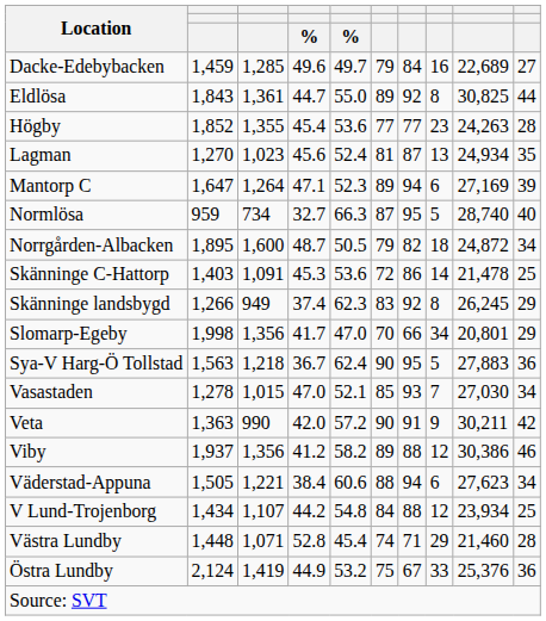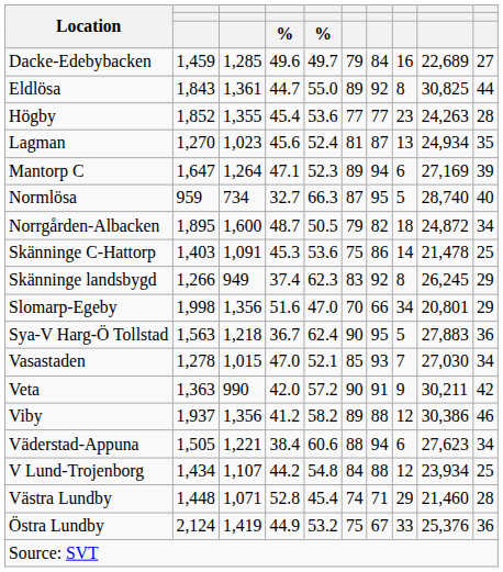 <table role="presentation" class="wikitable sortable mw-collapsible">
 <tr>
 <th rowspan="3">Location</th>
 <th></th>
 <th></th>
 <th></th>
 <th></th>
 <th></th>
 <th></th>
 <th></th>
 <th></th>
 <th></th>
 </tr>
 <tr>
 <th></th>
 <th></th>
 <th style="background:"></th>
 <th style="background:"></th>
 <th></th>
 <th></th>
 <th></th>
 <th></th>
 <th></th>
 </tr>
 <tr>
 <th data-sort-type="number"></th>
 <th data-sort-type="number"></th>
 <th data-sort-type="number">%</th>
 <th data-sort-type="number">%</th>
 <th data-sort-type="number"></th>
 <th data-sort-type="number"></th>
 <th data-sort-type="number"></th>
 <th data-sort-type="number"></th>
 <th data-sort-type="number"></th>
 </tr>
 <tr>
 <td align="left">Dacke-Edebybacken</td>
 <td>1,459</td>
 <td>1,285</td>
 <td>49.6</td>
 <td>49.7</td>
 <td>79</td>
 <td>84</td>
 <td>16</td>
 <td>22,689</td>
 <td>27</td>
 </tr>
 <tr>
 <td align="left">Eldlösa</td>
 <td>1,843</td>
 <td>1,361</td>
 <td>44.7</td>
 <td>55.0</td>
 <td>89</td>
 <td>92</td>
 <td>8</td>
 <td>30,825</td>
 <td>44</td>
 </tr>
 <tr>
 <td align="left">Högby</td>
 <td>1,852</td>
 <td>1,355</td>
 <td>45.4</td>
 <td>53.6</td>
 <td>77</td>
 <td>77</td>
 <td>23</td>
 <td>24,263</td>
 <td>28</td>
 </tr>
 <tr>
 <td align="left">Lagman</td>
 <td>1,270</td>
 <td>1,023</td>
 <td>45.6</td>
 <td>52.4</td>
 <td>81</td>
 <td>87</td>
 <td>13</td>
 <td>24,934</td>
 <td>35</td>
 </tr>
 <tr>
 <td align="left">Mantorp C</td>
 <td>1,647</td>
 <td>1,264</td>
 <td>47.1</td>
 <td>52.3</td>
 <td>89</td>
 <td>94</td>
 <td>6</td>
 <td>27,169</td>
 <td>39</td>
 </tr>
 <tr>
 <td align="left">Normlösa</td>
 <td>959</td>
 <td>734</td>
 <td>32.7</td>
 <td>66.3</td>
 <td>87</td>
 <td>95</td>
 <td>5</td>
 <td>28,740</td>
 <td>40</td>
 </tr>
 <tr>
 <td align="left">Norrgården-Albacken</td>
 <td>1,895</td>
 <td>1,600</td>
 <td>48.7</td>
 <td>50.5</td>
 <td>79</td>
 <td>82</td>
 <td>18</td>
 <td>24,872</td>
 <td>34</td>
 </tr>
 <tr>
 <td align="left">Skänninge C-Hattorp</td>
 <td>1,403</td>
 <td>1,091</td>
 <td>45.3</td>
 <td>53.6</td>
-<td>72</td>
+<td>75</td>
 <td>86</td>
 <td>14</td>
 <td>21,478</td>
 <td>25</td>
 </tr>
 <tr>
 <td align="left">Skänninge landsbygd</td>
 <td>1,266</td>
 <td>949</td>
 <td>37.4</td>
 <td>62.3</td>
 <td>83</td>
 <td>92</td>
 <td>8</td>
 <td>26,245</td>
 <td>29</td>
 </tr>
 <tr>
 <td align="left">Slomarp-Egeby</td>
 <td>1,998</td>
 <td>1,356</td>
-<td>41.7</td>
+<td>51.6</td>
 <td>47.0</td>
 <td>70</td>
 <td>66</td>
 <td>34</td>
 <td>20,801</td>
 <td>29</td>
 </tr>
 <tr>
 <td align="left">Sya-V Harg-Ö Tollstad</td>
 <td>1,563</td>
 <td>1,218</td>
 <td>36.7</td>
 <td>62.4</td>
 <td>90</td>
 <td>95</td>
 <td>5</td>
 <td>27,883</td>
 <td>36</td>
 </tr>
 <tr>
 <td align="left">Vasastaden</td>
 <td>1,278</td>
 <td>1,015</td>
 <td>47.0</td>
 <td>52.1</td>
 <td>85</td>
 <td>93</td>
 <td>7</td>
 <td>27,030</td>
 <td>34</td>
 </tr>
 <tr>
 <td align="left">Veta</td>
 <td>1,363</td>
 <td>990</td>
 <td>42.0</td>
 <td>57.2</td>
 <td>90</td>
 <td>91</td>
 <td>9</td>
 <td>30,211</td>
 <td>42</td>
 </tr>
 <tr>
 <td align="left">Viby</td>
 <td>1,937</td>
 <td>1,356</td>
 <td>41.2</td>
 <td>58.2</td>
 <td>89</td>
 <td>88</td>
 <td>12</td>
 <td>30,386</td>
 <td>46</td>
 </tr>
 <tr>
 <td align="left">Väderstad-Appuna</td>
 <td>1,505</td>
 <td>1,221</td>
 <td>38.4</td>
 <td>60.6</td>
 <td>88</td>
 <td>94</td>
 <td>6</td>
 <td>27,623</td>
 <td>34</td>
 </tr>
 <tr>
 <td align="left">V Lund-Trojenborg</td>
 <td>1,434</td>
 <td>1,107</td>
 <td>44.2</td>
 <td>54.8</td>
 <td>84</td>
 <td>88</td>
 <td>12</td>
 <td>23,934</td>
 <td>25</td>
 </tr>
 <tr>
 <td align="left">Västra Lundby</td>
 <td>1,448</td>
 <td>1,071</td>
 <td>52.8</td>
 <td>45.4</td>
 <td>74</td>
 <td>71</td>
 <td>29</td>
 <td>21,460</td>
 <td>28</td>
 </tr>
 <tr>
 <td align="left">Östra Lundby</td>
 <td>2,124</td>
 <td>1,419</td>
 <td>44.9</td>
 <td>53.2</td>
 <td>75</td>
 <td>67</td>
 <td>33</td>
 <td>25,376</td>
 <td>36</td>
 </tr>
 <tr>
 <td colspan="10" align="left">Source: <a href='#'>SVT</a></td>
 </tr>
 </table>
